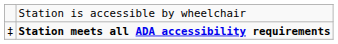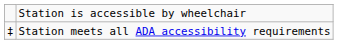 <table class="wikitable">
 <tr>
 <td></td>
 <td>Station is accessible by wheelchair</td>
 </tr>
 <tr>
 <td>‡</td>
-<td><strong>Station meets all <a href='#'>ADA accessibility</a> requirements</strong></td>
+<td>Station meets all <a href='#'>ADA accessibility</a> requirements</td>
 </tr>
 </table>
